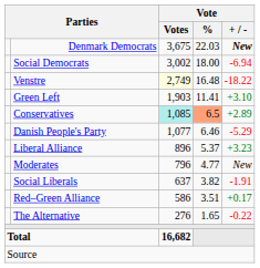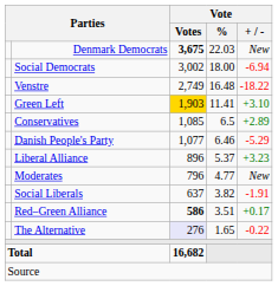 <table class="wikitable" style="text-align:right;">
 <tr>
 <th style="text-align:centre;" rowspan="2" colspan="2" width="225">Parties</th>
 <th colspan="3">Vote</th>
 </tr>
 <tr>
 <th width="15">Votes</th>
 <th width="15">%</th>
 <th width="15">+ / -</th>
 </tr>
 <tr>
 <td width=2 bgcolor=></td>
 <td><a href='#'>Denmark Democrats</a></td>
-<td>3,675</td>
+<td><strong>3,675</strong></td>
 <td>22.03</td>
-<td><strong><em>New</em></strong></td>
+<td><em>New</em></td>
 </tr>
 <tr>
 <td width=2 bgcolor=></td>
 <td align=left><a href='#'>Social Democrats</a></td>
 <td>3,002</td>
 <td>18.00</td>
 <td style=color:red;>-6.94</td>
 </tr>
 <tr>
 <td width=2 bgcolor=></td>
 <td align=left><a href='#'>Venstre</a></td>
-<td style="background: lightyellow;">2,749</td>
+<td>2,749</td>
 <td>16.48</td>
 <td style=color:red;>-18.22</td>
 </tr>
 <tr>
 <td width=2 bgcolor=></td>
 <td align=left><a href='#'>Green Left</a></td>
-<td>1,903</td>
+<td style="background: gold;">1,903</td>
 <td>11.41</td>
 <td style=color:green;>+3.10</td>
 </tr>
 <tr>
 <td width=2 bgcolor=></td>
 <td align=left><a href='#'>Conservatives</a></td>
-<td style="background: paleturquoise;">1,085</td>
-<td style="background: lightsalmon;">6.5</td>
+<td>1,085</td>
+<td>6.5</td>
 <td style=color:green;>+2.89</td>
 </tr>
 <tr>
 <td width=2 bgcolor=></td>
 <td align=left><a href='#'>Danish People's Party</a></td>
 <td>1,077</td>
 <td>6.46</td>
 <td style=color:red;>-5.29</td>
 </tr>
 <tr>
 <td width=2 bgcolor=></td>
 <td align=left><a href='#'>Liberal Alliance</a></td>
 <td>896</td>
 <td>5.37</td>
 <td style=color:green;>+3.23</td>
 </tr>
 <tr>
 <td width=2 bgcolor=></td>
 <td align=left><a href='#'>Moderates</a></td>
 <td>796</td>
 <td>4.77</td>
 <td><em>New</em></td>
 </tr>
 <tr>
 <td width=2 bgcolor=></td>
 <td align=left><a href='#'>Social Liberals</a></td>
 <td>637</td>
 <td>3.82</td>
 <td style=color:red;>-1.91</td>
 </tr>
 <tr>
 <td width=2 bgcolor=></td>
 <td align=left><a href='#'>Red–Green Alliance</a></td>
-<td>586</td>
+<td><strong>586</strong></td>
 <td>3.51</td>
 <td style=color:green;>+0.17</td>
 </tr>
 <tr>
 <td width=2 bgcolor=></td>
 <td align=left><a href='#'>The Alternative</a></td>
-<td>276</td>
+<td style="background: lavender;">276</td>
 <td>1.65</td>
 <td style=color:red;>-0.22</td>
 </tr>
 <tr>
 <td colspan="7" bgcolor="#E9E9E9"></td>
 </tr>
 <tr>
 <td align="left" colspan="2"><strong>Total</strong></td>
 <td><strong>16,682</strong></td>
 <td bgcolor=#E9E9E9 colspan=2></td>
 </tr>
 <tr>
 <td align="left" colspan="6">Source</td>
 </tr>
 </table>
